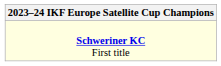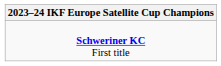 <table class=wikitable style="text-align:center; margin:auto">
 <tr>
 <th>2023–24 IKF Europe Satellite Cup Champions</th>
 </tr>
 <tr>
-<td style="background: lightyellow;"> <br><strong><a href='#'>Schweriner KC</a></strong><br>First title</td>
+<td> <br><strong><a href='#'>Schweriner KC</a></strong><br>First title</td>
 </tr>
 </table>
